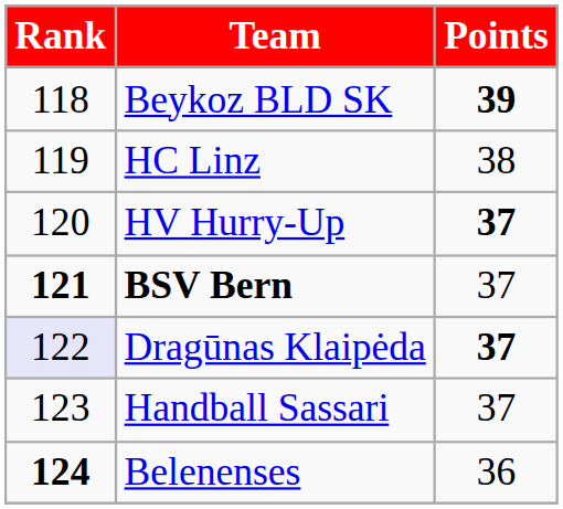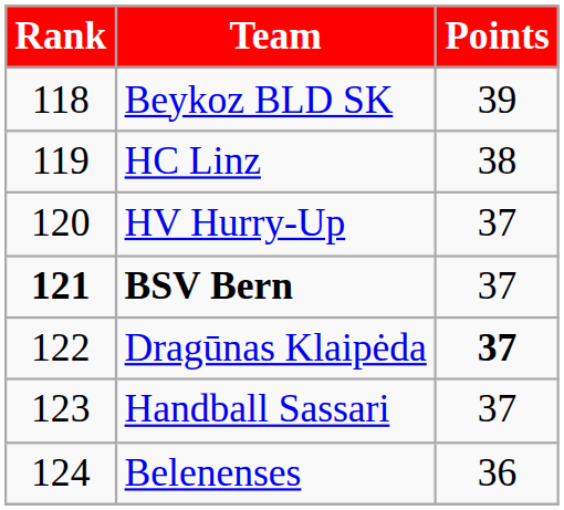 <table class="wikitable" style="text-align: center">
 <tr>
 <th style="color:#FFFFFF; background:red">Rank</th>
 <th style="color:#FFFFFF; background:red">Team</th>
 <th style="color:#FFFFFF; background:red">Points</th>
 </tr>
 <tr>
 <td>118</td>
 <td align=left> <a href='#'>Beykoz BLD SK</a></td>
-<td><strong>39</strong></td>
+<td>39</td>
 </tr>
 <tr>
 <td>119</td>
 <td align=left> <a href='#'>HC Linz</a></td>
 <td>38</td>
 </tr>
 <tr>
 <td>120</td>
 <td align=left> <a href='#'>HV Hurry-Up</a></td>
-<td><strong>37</strong></td>
+<td>37</td>
 </tr>
 <tr>
 <td><strong>121</strong></td>
 <td align=left> <strong>BSV Bern</strong></td>
 <td>37</td>
 </tr>
 <tr>
-<td style="background: lavender;">122</td>
+<td>122</td>
 <td align=left> <a href='#'>Dragūnas Klaipėda</a></td>
 <td><strong>37</strong></td>
 </tr>
 <tr>
 <td>123</td>
 <td align=left> <a href='#'>Handball Sassari</a></td>
 <td>37</td>
 </tr>
 <tr>
-<td><strong>124</strong></td>
+<td>124</td>
 <td align=left> <a href='#'>Belenenses</a></td>
 <td>36</td>
 </tr>
 <tr>
 </tr>
 </table>
